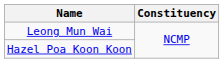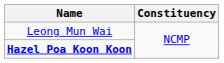 <table class="wikitable" style="text-align:center;">
 <tr>
 <th>Name</th>
 <th>Constituency</th>
 </tr>
 <tr>
 <td><a href='#'>Leong Mun Wai</a></td>
 <td rowspan=2><a href='#'>NCMP</a></td>
 </tr>
 <tr>
-<td><a href='#'>Hazel Poa Koon Koon</a></td>
+<td><strong><a href='#'>Hazel Poa Koon Koon</a></strong></td>
 </tr>
 </table>
